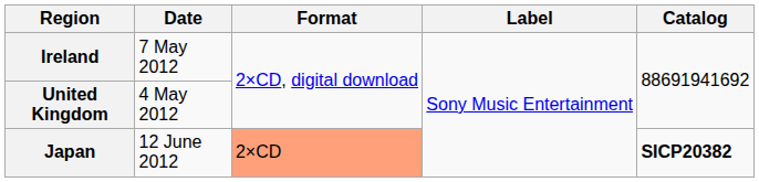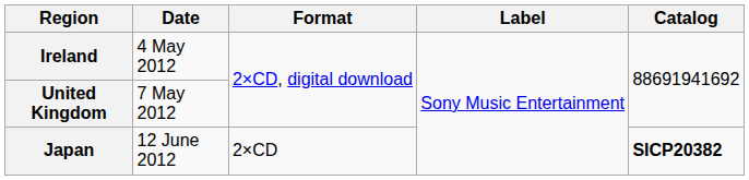 <table class="wikitable plainrowheaders" style="text-align:left">
 <tr>
 <th scope="col" style="width:110px">Region</th>
 <th scope="col" style="width:80px">Date</th>
 <th scope="col">Format</th>
 <th scope="col">Label</th>
 <th scope="col">Catalog</th>
 </tr>
 <tr>
 <th scope="row">Ireland</th>
-<td>7 May 2012</td>
+<td>4 May 2012</td>
 <td rowspan="2"><a href='#'>2×CD</a>, <a href='#'>digital download</a></td>
 <td rowspan="3"><a href='#'>Sony Music Entertainment</a></td>
 <td rowspan="2">88691941692</td>
 </tr>
 <tr>
 <th scope="row">United Kingdom</th>
-<td>4 May 2012</td>
+<td>7 May 2012</td>
 </tr>
 <tr>
 <th scope="row">Japan</th>
 <td>12 June 2012</td>
-<td style="background: lightsalmon;">2×CD</td>
+<td>2×CD</td>
 <td><strong>SICP20382</strong></td>
 </tr>
 </table>
